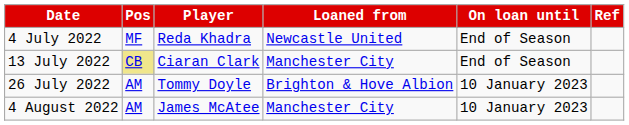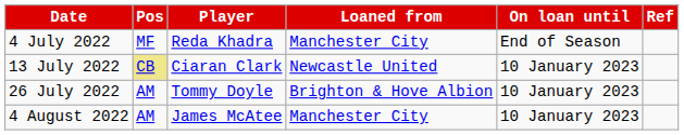 <table class="wikitable plainrowheaders sortable">
 <tr>
 <th style="background:#DD0000; color:#FFFFFF; ">Date</th>
 <th style="background:#DD0000; color:#FFFFFF; ">Pos</th>
 <th style="background:#DD0000; color:#FFFFFF; ">Player</th>
 <th style="background:#DD0000; color:#FFFFFF; ">Loaned from</th>
 <th style="background:#DD0000; color:#FFFFFF; ">On loan until</th>
 <th style="background:#DD0000; color:#FFFFFF; ">Ref</th>
 </tr>
 <tr>
 <td>4 July 2022</td>
 <td><a href='#'>MF</a></td>
 <td> <a href='#'>Reda Khadra</a></td>
-<td> <a href='#'>Newcastle United</a></td>
+<td> <a href='#'>Manchester City</a></td>
 <td>End of Season</td>
 <td></td>
 </tr>
 <tr>
 <td>13 July 2022</td>
 <td style="background: khaki;"><a href='#'>CB</a></td>
 <td> <a href='#'>Ciaran Clark</a></td>
-<td> <a href='#'>Manchester City</a></td>
-<td>End of Season</td>
+<td> <a href='#'>Newcastle United</a></td>
+<td>10 January 2023</td>
 <td></td>
 </tr>
 <tr>
 <td>26 July 2022</td>
 <td><a href='#'>AM</a></td>
 <td> <a href='#'>Tommy Doyle</a></td>
 <td> <a href='#'>Brighton & Hove Albion</a></td>
 <td>10 January 2023</td>
 <td></td>
 </tr>
 <tr>
 <td>4 August 2022</td>
 <td><a href='#'>AM</a></td>
 <td> <a href='#'>James McAtee</a></td>
 <td> <a href='#'>Manchester City</a></td>
 <td>10 January 2023</td>
 <td></td>
 </tr>
 </table>
